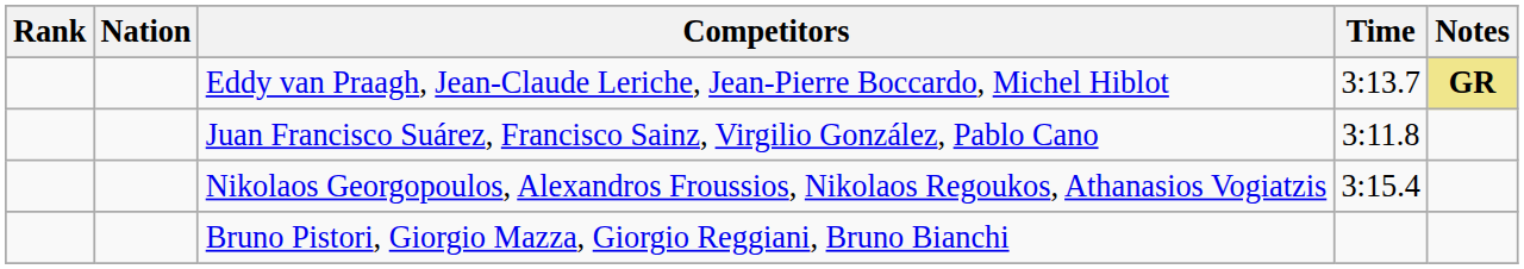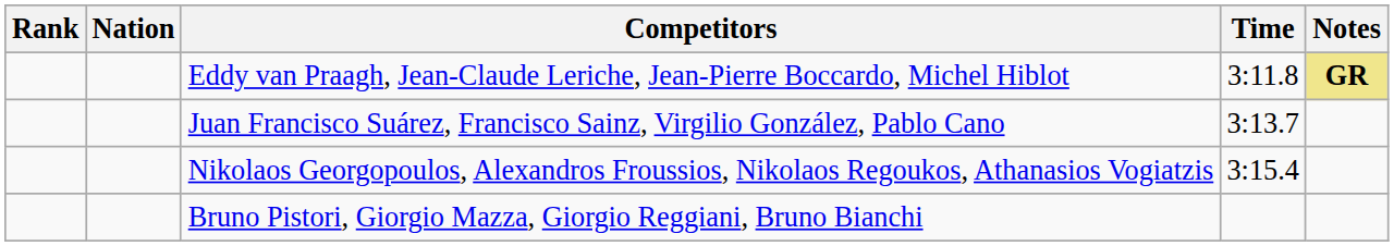 <table class="wikitable sortable" style="text-align:center; font-size:95%">
 <tr>
 <th>Rank</th>
 <th>Nation</th>
 <th>Competitors</th>
 <th>Time</th>
 <th>Notes</th>
 </tr>
 <tr>
 <td></td>
 <td align=left></td>
 <td align=left><a href='#'>Eddy van Praagh</a>, <a href='#'>Jean-Claude Leriche</a>, <a href='#'>Jean-Pierre Boccardo</a>, <a href='#'>Michel Hiblot</a></td>
-<td>3:13.7</td>
+<td>3:11.8</td>
 <td style="background: khaki;"><strong>GR</strong></td>
 </tr>
 <tr>
 <td></td>
 <td align=left></td>
 <td align=left><a href='#'>Juan Francisco Suárez</a>, <a href='#'>Francisco Sainz</a>, <a href='#'>Virgilio González</a>, <a href='#'>Pablo Cano</a></td>
-<td>3:11.8</td>
+<td>3:13.7</td>
 <td></td>
 </tr>
 <tr>
 <td></td>
 <td align=left></td>
 <td align=left><a href='#'>Nikolaos Georgopoulos</a>, <a href='#'>Alexandros Froussios</a>, <a href='#'>Nikolaos Regoukos</a>, <a href='#'>Athanasios Vogiatzis</a></td>
 <td>3:15.4</td>
 <td></td>
 </tr>
 <tr>
 <td></td>
 <td align=left></td>
 <td align=left><a href='#'>Bruno Pistori</a>, <a href='#'>Giorgio Mazza</a>, <a href='#'>Giorgio Reggiani</a>, <a href='#'>Bruno Bianchi</a></td>
 <td></td>
 <td></td>
 </tr>
 </table>
